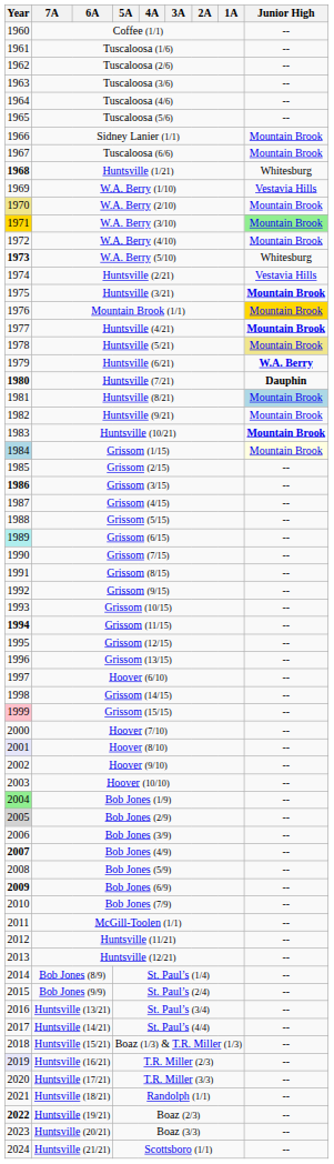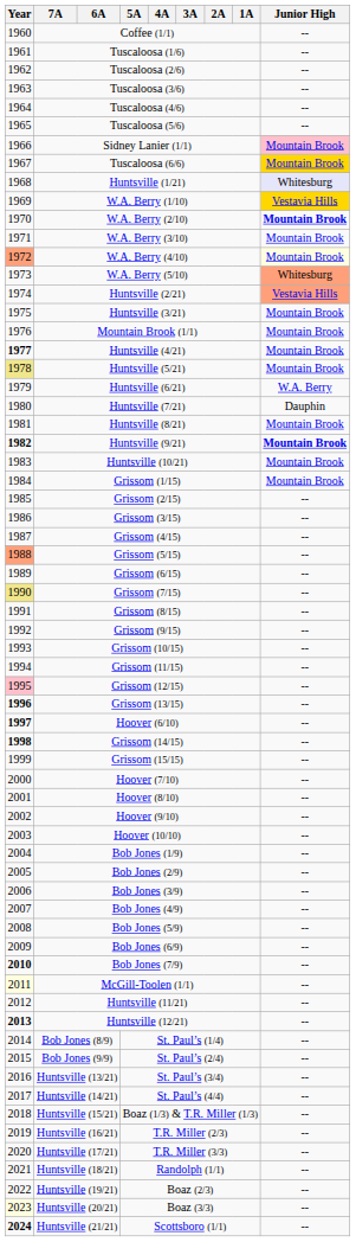 <table class="wikitable" style="text-align:center">
 <tr>
 <th>Year</th>
 <th>7A</th>
 <th>6A</th>
 <th>5A</th>
 <th>4A</th>
 <th>3A</th>
 <th>2A</th>
 <th>1A</th>
 <th>Junior High</th>
 </tr>
 <tr>
 <td>1960</td>
 <td colspan="7">Coffee <small>(1/1)</small></td>
 <td>--</td>
 </tr>
 <tr>
 <td>1961</td>
 <td colspan="7">Tuscaloosa <small>(1/6)</small></td>
 <td>--</td>
 </tr>
 <tr>
 <td>1962</td>
 <td colspan="7">Tuscaloosa <small>(2/6)</small></td>
 <td>--</td>
 </tr>
 <tr>
 <td>1963</td>
 <td colspan="7">Tuscaloosa <small>(3/6)</small></td>
 <td>--</td>
 </tr>
 <tr>
 <td>1964</td>
 <td colspan="7">Tuscaloosa <small>(4/6)</small></td>
 <td>--</td>
 </tr>
 <tr>
 <td>1965</td>
 <td colspan="7">Tuscaloosa <small>(5/6)</small></td>
 <td>--</td>
 </tr>
 <tr>
 <td>1966</td>
 <td colspan="7">Sidney Lanier <small>(1/1)</small></td>
-<td><a href='#'>Mountain Brook</a></td>
+<td style="background: pink;"><a href='#'>Mountain Brook</a></td>
 </tr>
 <tr>
 <td>1967</td>
 <td colspan="7">Tuscaloosa <small>(6/6)</small></td>
-<td><a href='#'>Mountain Brook</a></td>
+<td style="background: gold;"><a href='#'>Mountain Brook</a></td>
 </tr>
 <tr>
-<td><strong>1968</strong></td>
+<td>1968</td>
 <td colspan="7"><a href='#'>Huntsville</a> <small>(1/21)</small></td>
-<td>Whitesburg</td>
+<td style="background: lavender;">Whitesburg</td>
 </tr>
 <tr>
 <td>1969</td>
 <td colspan="7"><a href='#'>W.A. Berry</a> <small>(1/10)</small></td>
-<td><a href='#'>Vestavia Hills</a></td>
+<td style="background: gold;"><a href='#'>Vestavia Hills</a></td>
 </tr>
 <tr>
-<td style="background: khaki;">1970</td>
+<td>1970</td>
 <td colspan="7"><a href='#'>W.A. Berry</a> <small>(2/10)</small></td>
+<td><strong><a href='#'>Mountain Brook</a></strong></td>
+</tr>
+<tr>
+<td>1971</td>
+<td colspan="7"><a href='#'>W.A. Berry</a> <small>(3/10)</small></td>
 <td><a href='#'>Mountain Brook</a></td>
 </tr>
 <tr>
-<td style="background: gold;">1971</td>
-<td colspan="7"><a href='#'>W.A. Berry</a> <small>(3/10)</small></td>
-<td style="background: lightgreen;"><a href='#'>Mountain Brook</a></td>
+<td style="background: lightsalmon;">1972</td>
+<td colspan="7"><a href='#'>W.A. Berry</a> <small>(4/10)</small></td>
+<td style="background: lightyellow;"><a href='#'>Mountain Brook</a></td>
 </tr>
 <tr>
-<td>1972</td>
-<td colspan="7"><a href='#'>W.A. Berry</a> <small>(4/10)</small></td>
-<td><a href='#'>Mountain Brook</a></td>
-</tr>
-<tr>
-<td><strong>1973</strong></td>
+<td>1973</td>
 <td colspan="7"><a href='#'>W.A. Berry</a> <small>(5/10)</small></td>
-<td>Whitesburg</td>
+<td style="background: lightsalmon;">Whitesburg</td>
 </tr>
 <tr>
 <td>1974</td>
 <td colspan="7"><a href='#'>Huntsville</a> <small>(2/21)</small></td>
-<td><a href='#'>Vestavia Hills</a></td>
+<td style="background: lightsalmon;"><a href='#'>Vestavia Hills</a></td>
 </tr>
 <tr>
 <td>1975</td>
 <td colspan="7"><a href='#'>Huntsville</a> <small>(3/21)</small></td>
-<td><strong><a href='#'>Mountain Brook</a></strong></td>
+<td><a href='#'>Mountain Brook</a></td>
 </tr>
 <tr>
 <td>1976</td>
 <td colspan="7"><a href='#'>Mountain Brook</a> <small>(1/1)</small></td>
-<td style="background: gold;"><a href='#'>Mountain Brook</a></td>
+<td><a href='#'>Mountain Brook</a></td>
 </tr>
 <tr>
-<td>1977</td>
+<td><strong>1977</strong></td>
 <td colspan="7"><a href='#'>Huntsville</a> <small>(4/21)</small></td>
-<td><strong><a href='#'>Mountain Brook</a></strong></td>
+<td><a href='#'>Mountain Brook</a></td>
 </tr>
 <tr>
-<td>1978</td>
+<td style="background: khaki;">1978</td>
 <td colspan="7"><a href='#'>Huntsville</a> <small>(5/21)</small></td>
-<td style="background: khaki;"><a href='#'>Mountain Brook</a></td>
+<td><a href='#'>Mountain Brook</a></td>
 </tr>
 <tr>
 <td>1979</td>
 <td colspan="7"><a href='#'>Huntsville</a> <small>(6/21)</small></td>
-<td><strong><a href='#'>W.A. Berry</a></strong></td>
+<td><a href='#'>W.A. Berry</a></td>
 </tr>
 <tr>
-<td><strong>1980</strong></td>
+<td>1980</td>
 <td colspan="7"><a href='#'>Huntsville</a> <small>(7/21)</small></td>
-<td><strong>Dauphin</strong></td>
+<td>Dauphin</td>
 </tr>
 <tr>
 <td>1981</td>
 <td colspan="7"><a href='#'>Huntsville</a> <small>(8/21)</small></td>
-<td style="background: lightblue;"><a href='#'>Mountain Brook</a></td>
+<td><a href='#'>Mountain Brook</a></td>
 </tr>
 <tr>
-<td>1982</td>
+<td><strong>1982</strong></td>
 <td colspan="7"><a href='#'>Huntsville</a> <small>(9/21)</small></td>
-<td><a href='#'>Mountain Brook</a></td>
+<td><strong><a href='#'>Mountain Brook</a></strong></td>
 </tr>
 <tr>
 <td>1983</td>
 <td colspan="7"><a href='#'>Huntsville</a> <small>(10/21)</small></td>
-<td><strong><a href='#'>Mountain Brook</a></strong></td>
+<td><a href='#'>Mountain Brook</a></td>
 </tr>
 <tr>
-<td style="background: lightblue;">1984</td>
+<td>1984</td>
 <td colspan="7"><a href='#'>Grissom</a> <small>(1/15)</small></td>
-<td style="background: lightyellow;"><a href='#'>Mountain Brook</a></td>
+<td><a href='#'>Mountain Brook</a></td>
 </tr>
 <tr>
 <td>1985</td>
 <td colspan="7"><a href='#'>Grissom</a> <small>(2/15)</small></td>
 <td>--</td>
 </tr>
 <tr>
-<td><strong>1986</strong></td>
+<td>1986</td>
 <td colspan="7"><a href='#'>Grissom</a> <small>(3/15)</small></td>
 <td>--</td>
 </tr>
 <tr>
 <td>1987</td>
 <td colspan="7"><a href='#'>Grissom</a> <small>(4/15)</small></td>
 <td>--</td>
 </tr>
 <tr>
-<td>1988</td>
+<td style="background: lightsalmon;">1988</td>
 <td colspan="7"><a href='#'>Grissom</a> <small>(5/15)</small></td>
 <td>--</td>
 </tr>
 <tr>
-<td style="background: paleturquoise;">1989</td>
+<td>1989</td>
 <td colspan="7"><a href='#'>Grissom</a> <small>(6/15)</small></td>
 <td>--</td>
 </tr>
 <tr>
-<td>1990</td>
+<td style="background: khaki;">1990</td>
 <td colspan="7"><a href='#'>Grissom</a> <small>(7/15)</small></td>
 <td>--</td>
 </tr>
 <tr>
 <td>1991</td>
 <td colspan="7"><a href='#'>Grissom</a> <small>(8/15)</small></td>
 <td>--</td>
 </tr>
 <tr>
 <td>1992</td>
 <td colspan="7"><a href='#'>Grissom</a> <small>(9/15)</small></td>
 <td>--</td>
 </tr>
 <tr>
 <td>1993</td>
 <td colspan="7"><a href='#'>Grissom</a> <small>(10/15)</small></td>
 <td>--</td>
 </tr>
 <tr>
-<td><strong>1994</strong></td>
+<td>1994</td>
 <td colspan="7"><a href='#'>Grissom</a> <small>(11/15)</small></td>
 <td>--</td>
 </tr>
 <tr>
-<td>1995</td>
+<td style="background: pink;">1995</td>
 <td colspan="7"><a href='#'>Grissom</a> <small>(12/15)</small></td>
 <td>--</td>
 </tr>
 <tr>
-<td>1996</td>
+<td><strong>1996</strong></td>
 <td colspan="7"><a href='#'>Grissom</a> <small>(13/15)</small></td>
 <td>--</td>
 </tr>
 <tr>
-<td>1997</td>
+<td><strong>1997</strong></td>
 <td colspan="7"><a href='#'>Hoover</a> <small>(6/10)</small></td>
 <td>--</td>
 </tr>
 <tr>
-<td>1998</td>
+<td><strong>1998</strong></td>
 <td colspan="7"><a href='#'>Grissom</a> <small>(14/15)</small></td>
 <td>--</td>
 </tr>
 <tr>
-<td style="background: pink;">1999</td>
+<td>1999</td>
 <td colspan="7"><a href='#'>Grissom</a> <small>(15/15)</small></td>
 <td>--</td>
 </tr>
 <tr>
 <td>2000</td>
 <td colspan="7"><a href='#'>Hoover</a> <small>(7/10)</small></td>
 <td>--</td>
 </tr>
 <tr>
-<td style="background: lavender;">2001</td>
+<td>2001</td>
 <td colspan="7"><a href='#'>Hoover</a> <small>(8/10)</small></td>
 <td>--</td>
 </tr>
 <tr>
 <td>2002</td>
 <td colspan="7"><a href='#'>Hoover</a> <small>(9/10)</small></td>
 <td>--</td>
 </tr>
 <tr>
 <td>2003</td>
 <td colspan="7"><a href='#'>Hoover</a> <small>(10/10)</small></td>
 <td>--</td>
 </tr>
 <tr>
-<td style="background: lightgreen;">2004</td>
+<td>2004</td>
 <td colspan="7"><a href='#'>Bob Jones</a> <small>(1/9)</small></td>
 <td>--</td>
 </tr>
 <tr>
-<td style="background: lightgrey;">2005</td>
+<td>2005</td>
 <td colspan="7"><a href='#'>Bob Jones</a> <small>(2/9)</small></td>
 <td>--</td>
 </tr>
 <tr>
 <td>2006</td>
 <td colspan="7"><a href='#'>Bob Jones</a> <small>(3/9)</small></td>
 <td>--</td>
 </tr>
 <tr>
-<td><strong>2007</strong></td>
+<td>2007</td>
 <td colspan="7"><a href='#'>Bob Jones</a> <small>(4/9)</small></td>
 <td>--</td>
 </tr>
 <tr>
 <td>2008</td>
 <td colspan="7"><a href='#'>Bob Jones</a> <small>(5/9)</small></td>
 <td>--</td>
 </tr>
 <tr>
-<td><strong>2009</strong></td>
+<td>2009</td>
 <td colspan="7"><a href='#'>Bob Jones</a> <small>(6/9)</small></td>
 <td>--</td>
 </tr>
 <tr>
-<td>2010</td>
+<td><strong>2010</strong></td>
 <td colspan="7"><a href='#'>Bob Jones</a> <small>(7/9)</small></td>
 <td>--</td>
 </tr>
 <tr>
-<td>2011</td>
+<td style="background: lightyellow;">2011</td>
 <td colspan="7"><a href='#'>McGill-Toolen</a> <small>(1/1)</small></td>
 <td>--</td>
 </tr>
 <tr>
 <td>2012</td>
 <td colspan="7"><a href='#'>Huntsville</a> <small>(11/21)</small></td>
 <td>--</td>
 </tr>
 <tr>
-<td>2013</td>
+<td><strong>2013</strong></td>
 <td colspan="7"><a href='#'>Huntsville</a> <small>(12/21)</small></td>
 <td>--</td>
 </tr>
 <tr>
 <td>2014</td>
 <td colspan="2"><a href='#'>Bob Jones</a> <small>(8/9)</small></td>
 <td colspan="5"><a href='#'>St. Paul’s</a> <small>(1/4)</small></td>
 <td>--</td>
 </tr>
 <tr>
 <td>2015</td>
 <td colspan="2"><a href='#'>Bob Jones</a> <small>(9/9)</small></td>
 <td colspan="5"><a href='#'>St. Paul’s</a> <small>(2/4)</small></td>
 <td>--</td>
 </tr>
 <tr>
 <td>2016</td>
 <td colspan="2"><a href='#'>Huntsville</a> <small>(13/21)</small></td>
 <td colspan="5"><a href='#'>St. Paul’s</a> <small>(3/4)</small></td>
 <td>--</td>
 </tr>
 <tr>
 <td>2017</td>
 <td colspan="2"><a href='#'>Huntsville</a> <small>(14/21)</small></td>
 <td colspan="5"><a href='#'>St. Paul’s</a> <small>(4/4)</small></td>
 <td>--</td>
 </tr>
 <tr>
 <td>2018</td>
 <td colspan="2"><a href='#'>Huntsville</a> <small>(15/21)</small></td>
 <td colspan="5">Boaz <small>(1/3)</small> & <a href='#'>T.R. Miller</a> <small>(1/3)</small></td>
 <td>--</td>
 </tr>
 <tr>
-<td style="background: lavender;">2019</td>
+<td>2019</td>
 <td colspan="2"><a href='#'>Huntsville</a> <small>(16/21)</small></td>
 <td colspan="5"><a href='#'>T.R. Miller</a> <small>(2/3)</small></td>
 <td>--</td>
 </tr>
 <tr>
 <td>2020</td>
 <td colspan="2"><a href='#'>Huntsville</a> <small>(17/21)</small></td>
 <td colspan="5"><a href='#'>T.R. Miller</a> <small>(3/3)</small></td>
 <td>--</td>
 </tr>
 <tr>
 <td>2021</td>
 <td colspan="2"><a href='#'>Huntsville</a> <small>(18/21)</small></td>
 <td colspan="5"><a href='#'>Randolph</a> <small>(1/1)</small></td>
 <td>--</td>
 </tr>
 <tr>
-<td><strong>2022</strong></td>
+<td>2022</td>
 <td colspan="2"><a href='#'>Huntsville</a> <small>(19/21)</small></td>
 <td colspan="5">Boaz <small>(2/3)</small></td>
 <td>--</td>
 </tr>
 <tr>
-<td>2023</td>
+<td style="background: lightyellow;">2023</td>
 <td colspan="2"><a href='#'>Huntsville</a> <small>(20/21)</small></td>
 <td colspan="5">Boaz <small>(3/3)</small></td>
 <td>--</td>
 </tr>
 <tr>
-<td>2024</td>
+<td><strong>2024</strong></td>
 <td colspan="2"><a href='#'>Huntsville</a> <small>(21/21)</small></td>
 <td colspan="5"><a href='#'>Scottsboro</a> <small>(1/1)</small></td>
 <td>--</td>
 </tr>
 </table>
